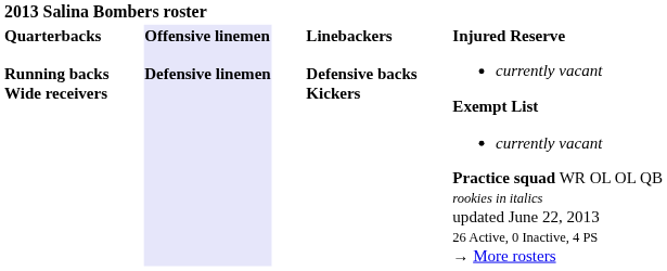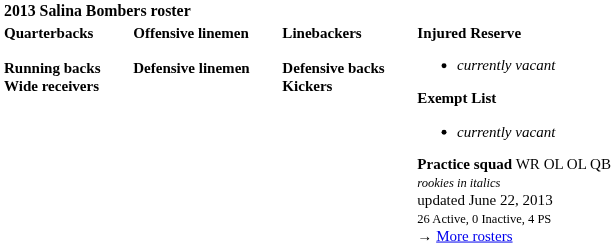 <table class="toccolours" style="text-align: left;">
 <tr>
 <th colspan=7><strong>2013 Salina Bombers roster</strong></th>
 </tr>
 <tr>
 <td style="font-size: 95%;" valign="top"><strong>Quarterbacks</strong><br> <br><strong>Running backs</strong>  <br><strong>Wide receivers</strong>     </td>
 <td style="width: 25px;"></td>
-<td style="background: lavender; font-size: 95%;" valign="top"><strong>Offensive linemen</strong><br>   <br><strong>Defensive linemen</strong>     </td>
+<td style="font-size: 95%;" valign="top"><strong>Offensive linemen</strong><br>   <br><strong>Defensive linemen</strong>     </td>
 <td style="width: 25px;"></td>
 <td style="font-size: 95%;" valign="top"><strong>Linebackers</strong><br><br><strong>Defensive backs</strong>      <br><strong>Kickers</strong> </td>
 <td style="width: 25px;"></td>
 <td style="font-size: 95%;" valign="top"><strong>Injured Reserve</strong><br><ul><li><em>currently vacant</em></li></ul><strong>Exempt List</strong><ul><li><em>currently vacant</em></li></ul><strong>Practice squad</strong>  WR  OL  OL  QB<br><small><em>rookies in italics</em></small><br>  updated June 22, 2013<br> <small>26 Active, 0 Inactive, 4 PS</small><br>→ <a href='#'>More rosters</a></td>
 </tr>
 <tr>
 </tr>
 </table>
